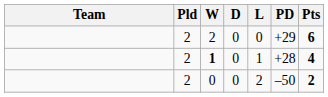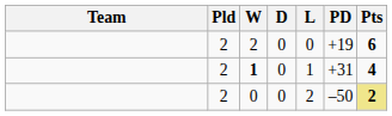 <table class="wikitable" style="text-align:center;">
 <tr>
 <th width="190">Team</th>
 <th width="20" abbr="Played">Pld</th>
 <th width="20" abbr="Won">W</th>
 <th width="20" abbr="Drawn">D</th>
 <th width="20" abbr="Lost">L</th>
 <th width="25" abbr="Points difference">PD</th>
 <th width="20" abbr="Points">Pts</th>
 </tr>
 <tr>
 <td align="left"></td>
 <td>2</td>
 <td>2</td>
 <td>0</td>
 <td>0</td>
-<td>+29</td>
+<td>+19</td>
 <td><strong>6</strong></td>
 </tr>
 <tr>
 <td align="left"></td>
 <td>2</td>
 <td><strong>1</strong></td>
 <td>0</td>
 <td>1</td>
-<td>+28</td>
+<td>+31</td>
 <td><strong>4</strong></td>
 </tr>
 <tr>
 <td align="left"></td>
 <td>2</td>
 <td>0</td>
 <td>0</td>
 <td>2</td>
 <td>–50</td>
-<td><strong>2</strong></td>
+<td style="background: khaki;"><strong>2</strong></td>
 </tr>
 </table>
